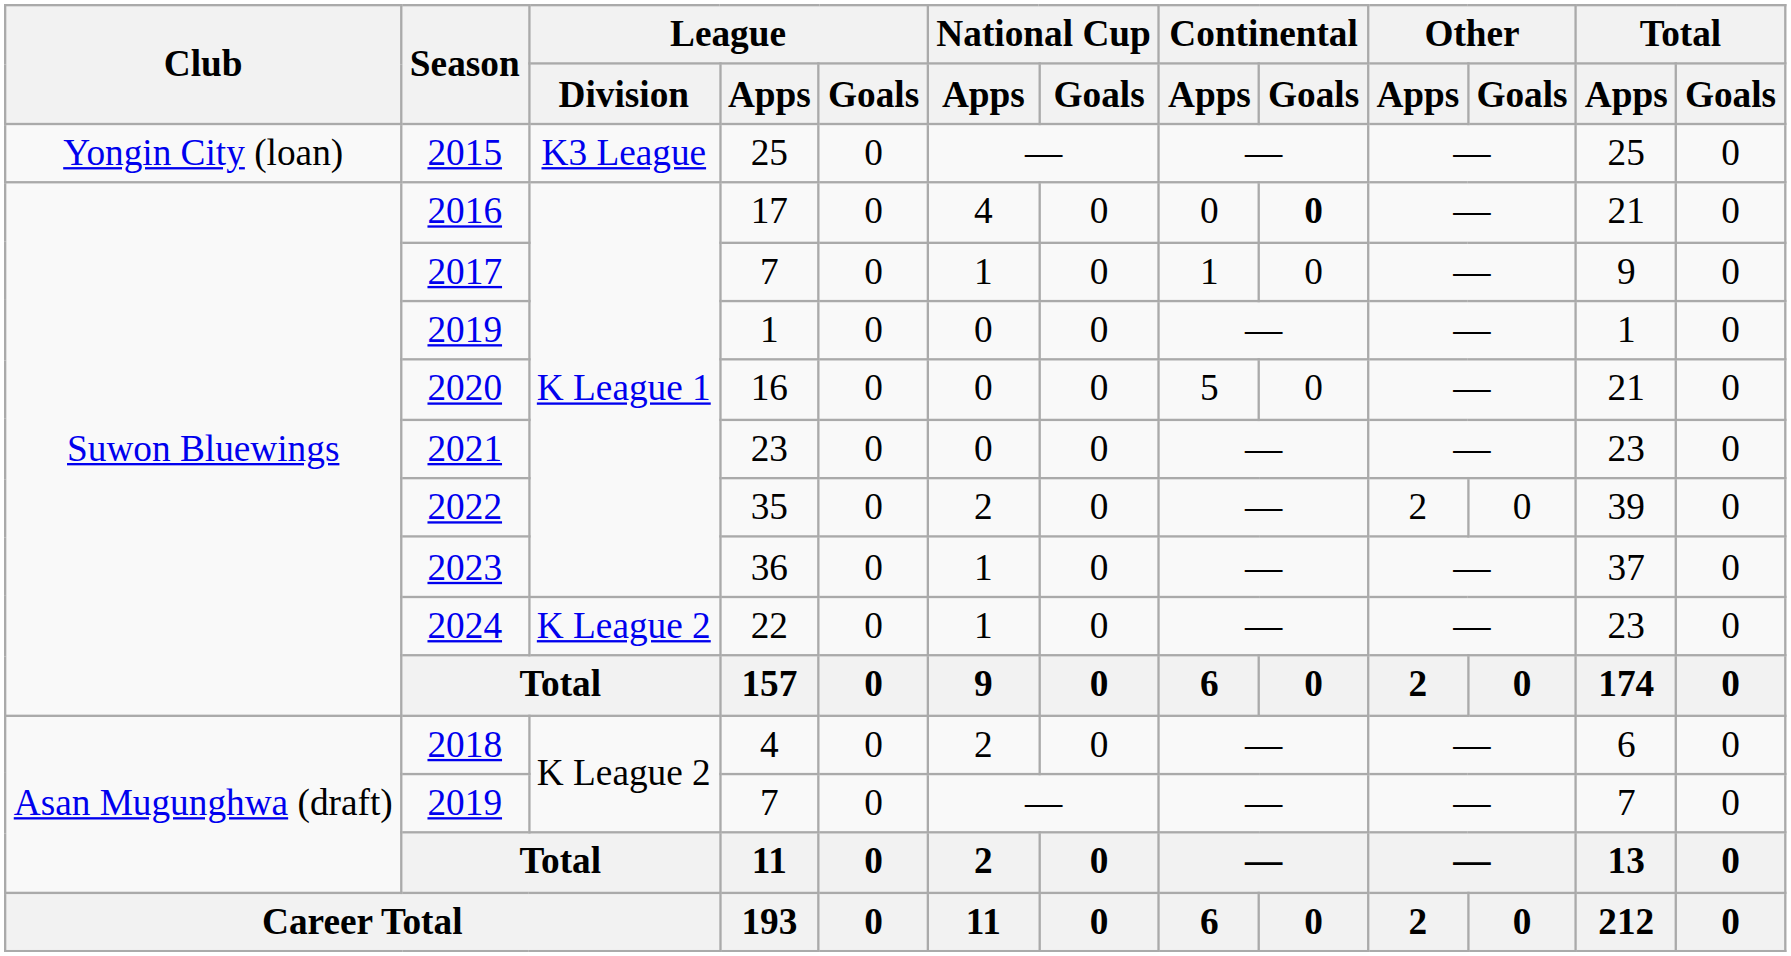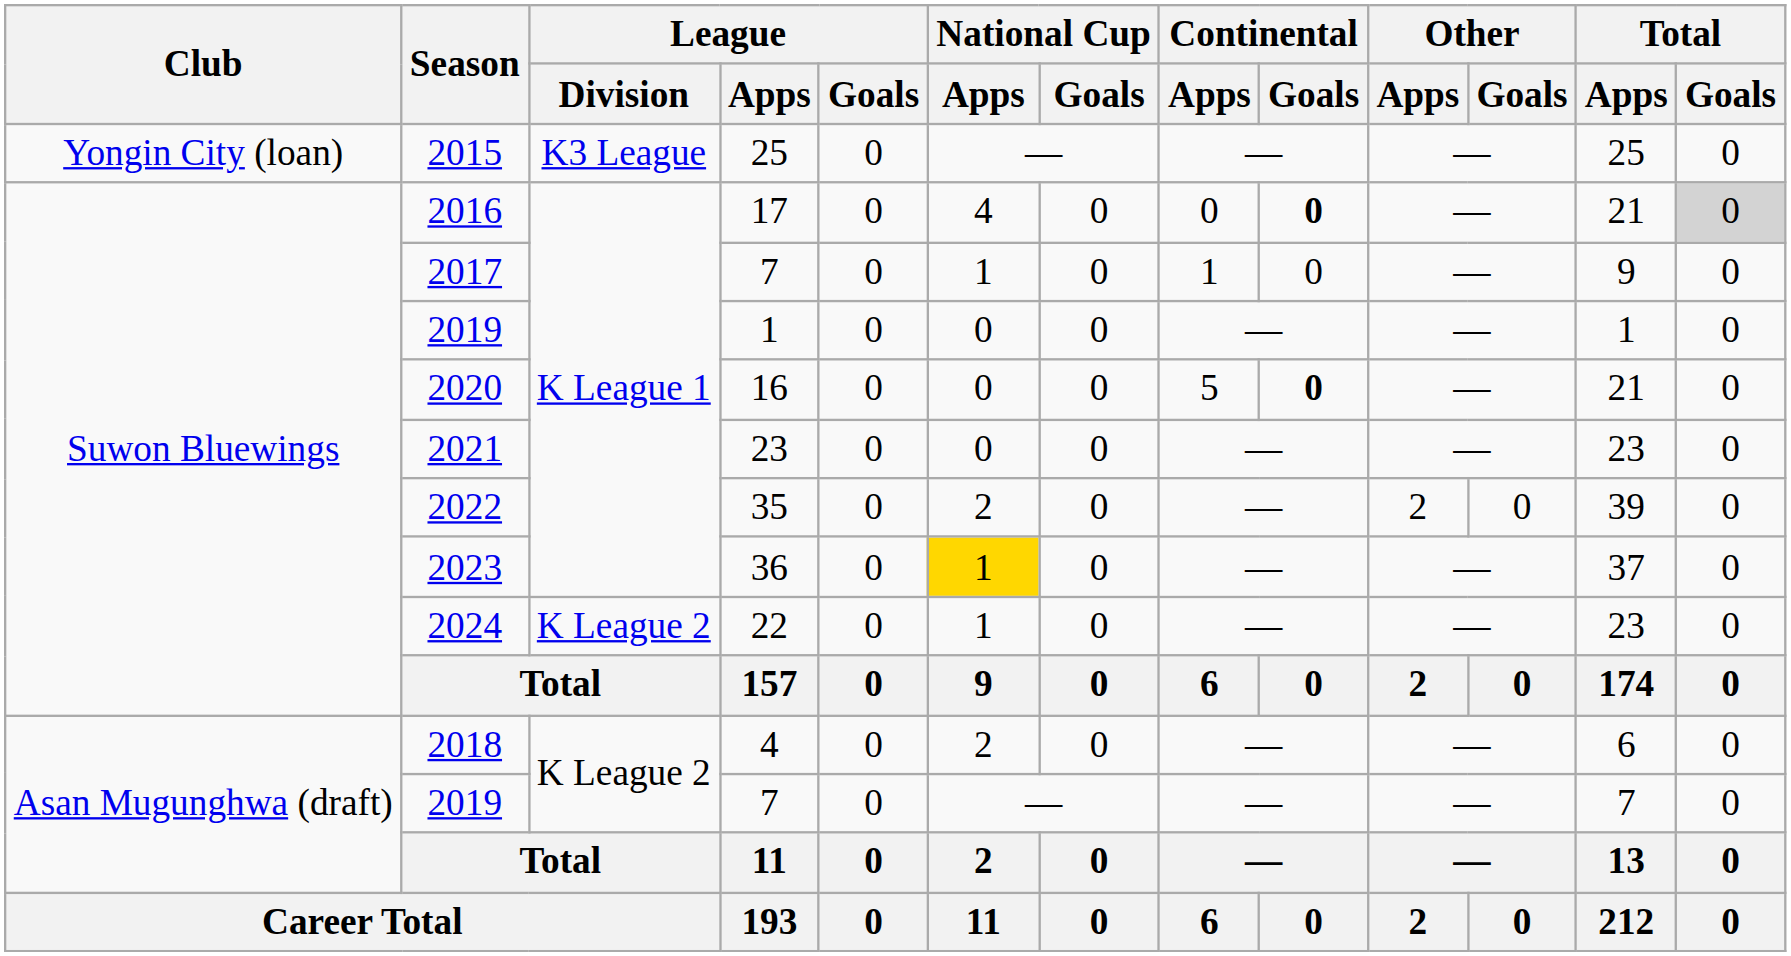 <table class="wikitable" style="text-align: center">
 <tr>
 <th rowspan="2">Club</th>
 <th rowspan="2">Season</th>
 <th colspan="3">League</th>
 <th colspan="2">National Cup</th>
 <th colspan="2">Continental</th>
 <th colspan="2">Other</th>
 <th colspan="2">Total</th>
 </tr>
 <tr>
 <th>Division</th>
 <th>Apps</th>
 <th>Goals</th>
 <th>Apps</th>
 <th>Goals</th>
 <th>Apps</th>
 <th>Goals</th>
 <th>Apps</th>
 <th>Goals</th>
 <th>Apps</th>
 <th>Goals</th>
 </tr>
 <tr>
 <td><a href='#'>Yongin City</a> (loan)</td>
 <td><a href='#'>2015</a></td>
 <td><a href='#'>K3 League</a></td>
 <td>25</td>
 <td>0</td>
 <td colspan="2">—</td>
 <td colspan="2">—</td>
 <td colspan="2">—</td>
 <td>25</td>
 <td>0</td>
 </tr>
 <tr>
 <td rowspan="9"><a href='#'>Suwon Bluewings</a></td>
 <td><a href='#'>2016</a></td>
 <td rowspan="7"><a href='#'>K League 1</a></td>
 <td>17</td>
 <td>0</td>
 <td>4</td>
 <td>0</td>
 <td>0</td>
 <td><strong>0</strong></td>
 <td colspan="2">—</td>
 <td>21</td>
-<td>0</td>
+<td style="background: lightgrey;">0</td>
 </tr>
 <tr>
 <td><a href='#'>2017</a></td>
 <td>7</td>
 <td>0</td>
 <td>1</td>
 <td>0</td>
 <td>1</td>
 <td>0</td>
 <td colspan="2">—</td>
 <td>9</td>
 <td>0</td>
 </tr>
 <tr>
 <td><a href='#'>2019</a></td>
 <td>1</td>
 <td>0</td>
 <td>0</td>
 <td>0</td>
 <td colspan="2">—</td>
 <td colspan="2">—</td>
 <td>1</td>
 <td>0</td>
 </tr>
 <tr>
 <td><a href='#'>2020</a></td>
 <td>16</td>
 <td>0</td>
 <td>0</td>
 <td>0</td>
 <td>5</td>
-<td>0</td>
+<td><strong>0</strong></td>
 <td colspan="2">—</td>
 <td>21</td>
 <td>0</td>
 </tr>
 <tr>
 <td><a href='#'>2021</a></td>
 <td>23</td>
 <td>0</td>
 <td>0</td>
 <td>0</td>
 <td colspan="2">—</td>
 <td colspan="2">—</td>
 <td>23</td>
 <td>0</td>
 </tr>
 <tr>
 <td><a href='#'>2022</a></td>
 <td>35</td>
 <td>0</td>
 <td>2</td>
 <td>0</td>
 <td colspan="2">—</td>
 <td>2</td>
 <td>0</td>
 <td>39</td>
 <td>0</td>
 </tr>
 <tr>
 <td><a href='#'>2023</a></td>
 <td>36</td>
 <td>0</td>
-<td>1</td>
+<td style="background: gold;">1</td>
 <td>0</td>
 <td colspan="2">—</td>
 <td colspan="2">—</td>
 <td>37</td>
 <td>0</td>
 </tr>
 <tr>
 <td><a href='#'>2024</a></td>
 <td><a href='#'>K League 2</a></td>
 <td>22</td>
 <td>0</td>
 <td>1</td>
 <td>0</td>
 <td colspan="2">—</td>
 <td colspan="2">—</td>
 <td>23</td>
 <td>0</td>
 </tr>
 <tr>
 <th colspan="2">Total</th>
 <th>157</th>
 <th>0</th>
 <th>9</th>
 <th>0</th>
 <th>6</th>
 <th>0</th>
 <th>2</th>
 <th>0</th>
 <th>174</th>
 <th>0</th>
 </tr>
 <tr>
 <td rowspan="3"><a href='#'>Asan Mugunghwa</a> (draft)</td>
 <td><a href='#'>2018</a></td>
 <td rowspan="2">K League 2</td>
 <td>4</td>
 <td>0</td>
 <td>2</td>
 <td>0</td>
 <td colspan="2">—</td>
 <td colspan="2">—</td>
 <td>6</td>
 <td>0</td>
 </tr>
 <tr>
 <td><a href='#'>2019</a></td>
 <td>7</td>
 <td>0</td>
 <td colspan="2">—</td>
 <td colspan="2">—</td>
 <td colspan="2">—</td>
 <td>7</td>
 <td>0</td>
 </tr>
 <tr>
 <th colspan="2">Total</th>
 <th>11</th>
 <th>0</th>
 <th>2</th>
 <th>0</th>
 <th colspan="2">—</th>
 <th colspan="2">—</th>
 <th>13</th>
 <th>0</th>
 </tr>
 <tr>
 <th colspan="3">Career Total</th>
 <th>193</th>
 <th>0</th>
 <th>11</th>
 <th>0</th>
 <th>6</th>
 <th>0</th>
 <th>2</th>
 <th>0</th>
 <th>212</th>
 <th>0</th>
 </tr>
 </table>
